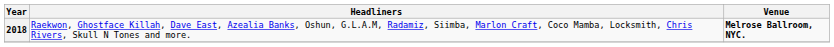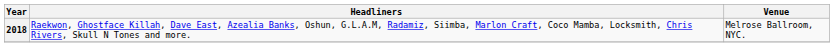 <table class="wikitable">
 <tr>
 <th>Year</th>
 <th>Headliners</th>
 <th>Venue</th>
 </tr>
 <tr>
 <th>2018</th>
 <td><a href='#'>Raekwon</a>, <a href='#'>Ghostface Killah</a>, <a href='#'>Dave East</a>, <a href='#'>Azealia Banks</a>, Oshun, G.L.A.M, <a href='#'>Radamiz</a>, Siimba, <a href='#'>Marlon Craft</a>, Coco Mamba, Locksmith, <a href='#'>Chris Rivers</a>, Skull N Tones and more.</td>
-<td><strong>Melrose Ballroom, NYC.</strong></td>
+<td>Melrose Ballroom, NYC.</td>
 </tr>
 <tr>
 </tr>
 </table>
